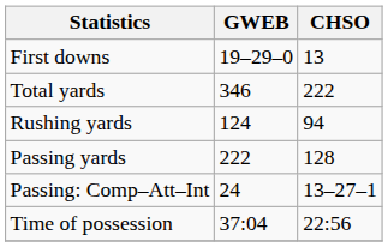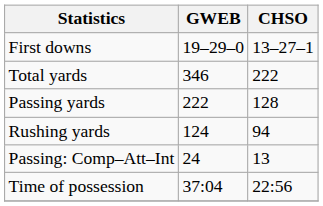 <table class="wikitable" style="float: left;">
 <tr>
 <th>Statistics</th>
 <th>GWEB</th>
 <th>CHSO</th>
 </tr>
 <tr>
 <td>First downs</td>
 <td>19–29–0</td>
-<td>13</td>
+<td>13–27–1</td>
 </tr>
 <tr>
 <td>Total yards</td>
 <td>346</td>
 <td>222</td>
 </tr>
 <tr>
+<td>Passing yards</td>
+<td>222</td>
+<td>128</td>
+</tr>
+<tr>
 <td>Rushing yards</td>
 <td>124</td>
 <td>94</td>
 </tr>
 <tr>
-<td>Passing yards</td>
-<td>222</td>
-<td>128</td>
-</tr>
-<tr>
 <td>Passing: Comp–Att–Int</td>
 <td>24</td>
-<td>13–27–1</td>
+<td>13</td>
 </tr>
 <tr>
 <td>Time of possession</td>
 <td>37:04</td>
 <td>22:56</td>
 </tr>
 <tr>
 </tr>
 </table>
